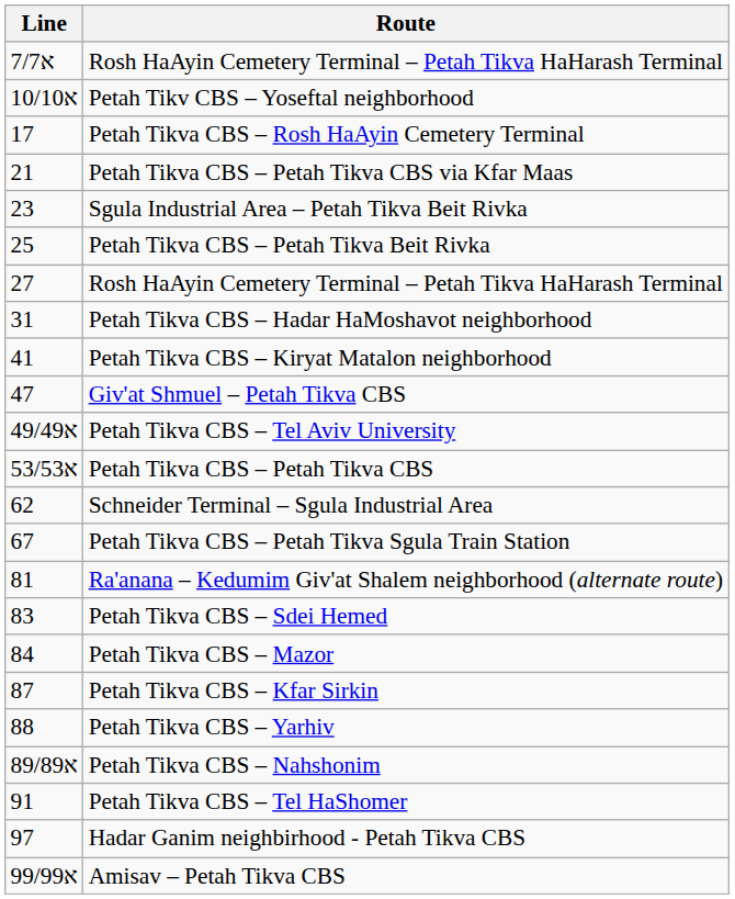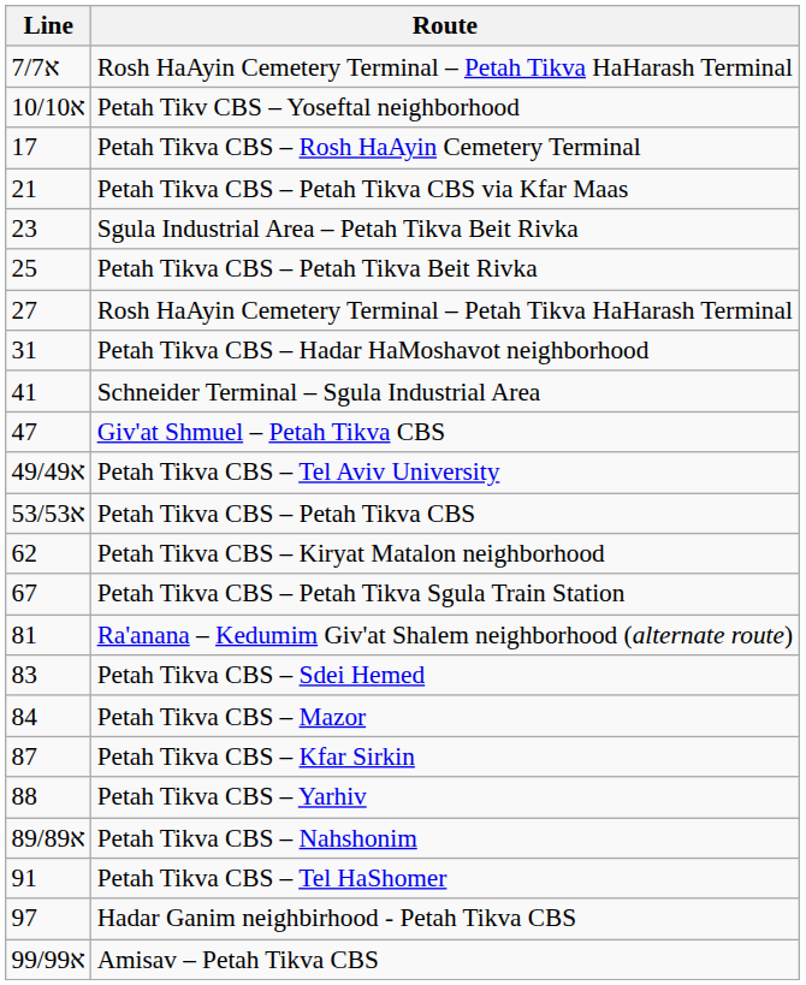 <table class="wikitable">
 <tr>
 <th>Line</th>
 <th>Route</th>
 </tr>
 <tr>
 <td>7/7א</td>
 <td>Rosh HaAyin Cemetery Terminal – <a href='#'>Petah Tikva</a> HaHarash Terminal</td>
 </tr>
 <tr>
 <td>10/10א</td>
 <td>Petah Tikv CBS – Yoseftal neighborhood</td>
 </tr>
 <tr>
 <td>17</td>
 <td>Petah Tikva CBS – <a href='#'>Rosh HaAyin</a> Cemetery Terminal</td>
 </tr>
 <tr>
 <td>21</td>
 <td>Petah Tikva CBS – Petah Tikva CBS via Kfar Maas</td>
 </tr>
 <tr>
 <td>23</td>
 <td>Sgula Industrial Area – Petah Tikva Beit Rivka</td>
 </tr>
 <tr>
 <td>25</td>
 <td>Petah Tikva CBS – Petah Tikva Beit Rivka</td>
 </tr>
 <tr>
 <td>27</td>
 <td>Rosh HaAyin Cemetery Terminal – Petah Tikva HaHarash Terminal</td>
 </tr>
 <tr>
 <td>31</td>
 <td>Petah Tikva CBS – Hadar HaMoshavot neighborhood</td>
 </tr>
 <tr>
 <td>41</td>
-<td>Petah Tikva CBS – Kiryat Matalon neighborhood</td>
+<td>Schneider Terminal – Sgula Industrial Area</td>
 </tr>
 <tr>
 <td>47</td>
 <td><a href='#'>Giv'at Shmuel</a> – <a href='#'>Petah Tikva</a> CBS</td>
 </tr>
 <tr>
 <td>49/49א</td>
 <td>Petah Tikva CBS – <a href='#'>Tel Aviv University</a></td>
 </tr>
 <tr>
 <td>53/53א</td>
 <td>Petah Tikva CBS – Petah Tikva CBS</td>
 </tr>
 <tr>
 <td>62</td>
-<td>Schneider Terminal – Sgula Industrial Area</td>
+<td>Petah Tikva CBS – Kiryat Matalon neighborhood</td>
 </tr>
 <tr>
 <td>67</td>
 <td>Petah Tikva CBS – Petah Tikva Sgula Train Station</td>
 </tr>
 <tr>
 <td>81</td>
 <td><a href='#'>Ra'anana</a> – <a href='#'>Kedumim</a> Giv'at Shalem neighborhood (<em>alternate route</em>)</td>
 </tr>
 <tr>
 <td>83</td>
 <td>Petah Tikva CBS – <a href='#'>Sdei Hemed</a></td>
 </tr>
 <tr>
 <td>84</td>
 <td>Petah Tikva CBS – <a href='#'>Mazor</a></td>
 </tr>
 <tr>
 <td>87</td>
 <td>Petah Tikva CBS – <a href='#'>Kfar Sirkin</a></td>
 </tr>
 <tr>
 <td>88</td>
 <td>Petah Tikva CBS – <a href='#'>Yarhiv</a></td>
 </tr>
 <tr>
 <td>89/89א</td>
 <td>Petah Tikva CBS – <a href='#'>Nahshonim</a></td>
 </tr>
 <tr>
 <td>91</td>
 <td>Petah Tikva CBS – <a href='#'>Tel HaShomer</a></td>
 </tr>
 <tr>
 <td>97</td>
 <td>Hadar Ganim neighbirhood - Petah Tikva CBS</td>
 </tr>
 <tr>
 <td>99/99א</td>
 <td>Amisav – Petah Tikva CBS</td>
 </tr>
 </table>
